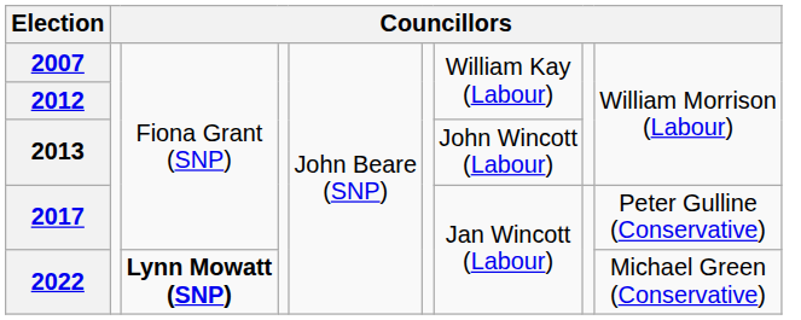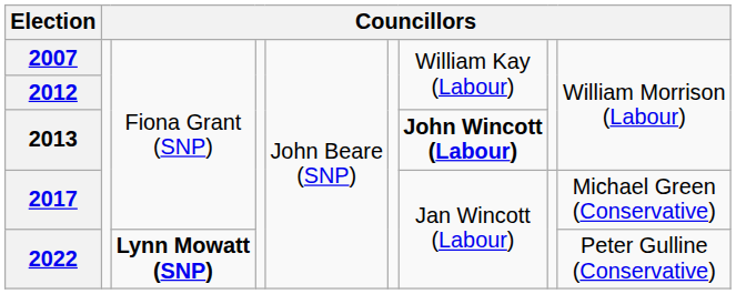 <table class="wikitable" style="text-align:center">
 <tr>
 <th>Election</th>
 <th colspan=8>Councillors</th>
 </tr>
 <tr>
 <th><a href='#'>2007</a></th>
 <td rowspan=5; style="background-color: "></td>
 <td rowspan=4>Fiona Grant<br>(<a href='#'>SNP</a>)</td>
 <td rowspan=5; style="background-color: "></td>
 <td rowspan=5>John Beare<br>(<a href='#'>SNP</a>)</td>
 <td rowspan=5; style="background-color: "></td>
 <td rowspan=2>William Kay<br>(<a href='#'>Labour</a>)</td>
 <td rowspan=3; style="background-color: "></td>
 <td rowspan=3>William Morrison<br>(<a href='#'>Labour</a>)</td>
 </tr>
 <tr>
 <th><a href='#'>2012</a></th>
 </tr>
 <tr>
 <th>2013</th>
-<td rowspan=1>John Wincott<br>(<a href='#'>Labour</a>)</td>
+<td rowspan=1><strong>John Wincott<br>(<a href='#'>Labour</a>)</strong></td>
 </tr>
 <tr>
 <th><a href='#'>2017</a></th>
 <td rowspan=2>Jan Wincott<br>(<a href='#'>Labour</a>)</td>
 <td rowspan=2; style="background-color: "></td>
-<td rowspan=1>Peter Gulline<br>(<a href='#'>Conservative</a>)</td>
+<td rowspan=1>Michael Green<br>(<a href='#'>Conservative</a>)</td>
 </tr>
 <tr>
 <th><a href='#'>2022</a></th>
 <td rowspan=1><strong>Lynn Mowatt<br>(<a href='#'>SNP</a>)</strong></td>
-<td rowspan=1>Michael Green<br>(<a href='#'>Conservative</a>)</td>
+<td rowspan=1>Peter Gulline<br>(<a href='#'>Conservative</a>)</td>
 </tr>
 </table>
